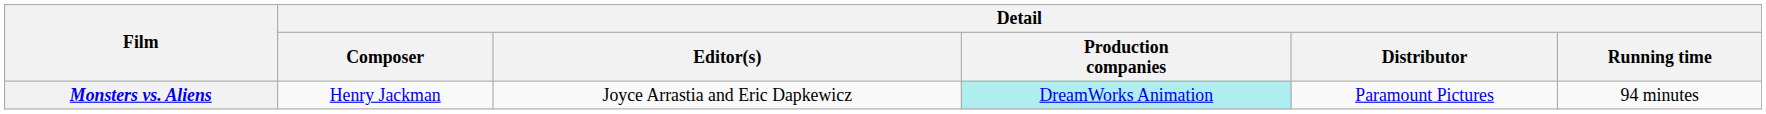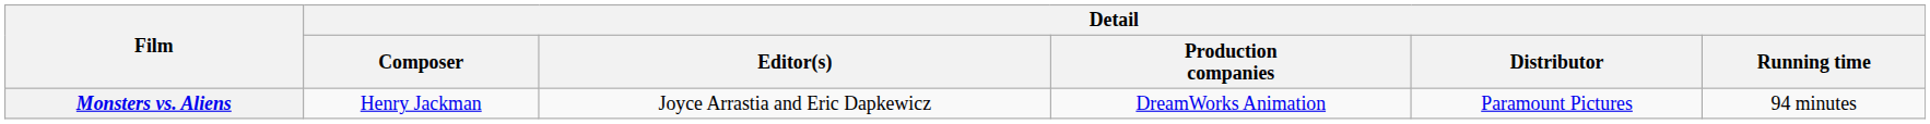 <table class="wikitable sortable" style="text-align:center; width:100%;">
 <tr>
 <th rowspan="2">Film</th>
 <th colspan="5">Detail</th>
 </tr>
 <tr>
 <th style="text-align:center;">Composer</th>
 <th style="text-align:center;">Editor(s)</th>
 <th style="text-align:center;">Production<br>companies</th>
 <th style="text-align:center;">Distributor</th>
 <th style="text-align:center;">Running time</th>
 </tr>
 <tr>
 <th><em><a href='#'>Monsters vs. Aliens</a></em></th>
 <td><a href='#'>Henry Jackman</a></td>
 <td>Joyce Arrastia and Eric Dapkewicz</td>
-<td style="background: paleturquoise;"><a href='#'>DreamWorks Animation</a></td>
+<td><a href='#'>DreamWorks Animation</a></td>
 <td><a href='#'>Paramount Pictures</a></td>
 <td>94 minutes</td>
 </tr>
 </table>
